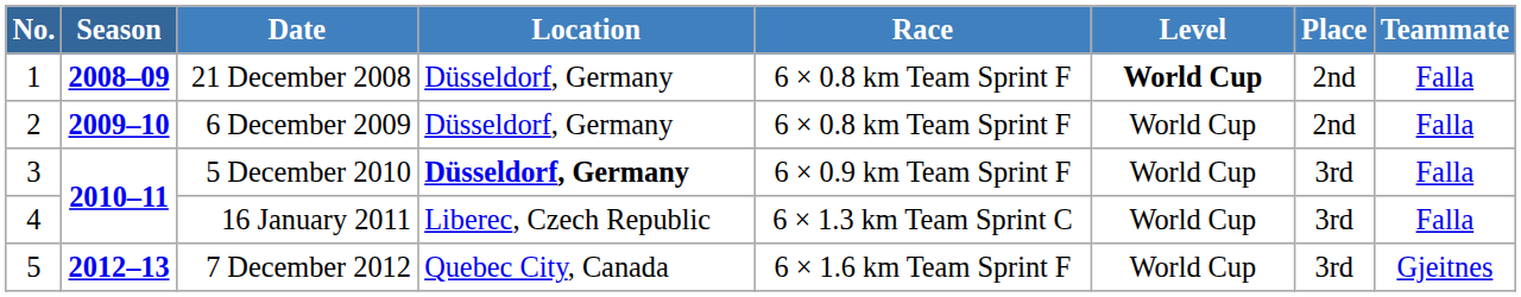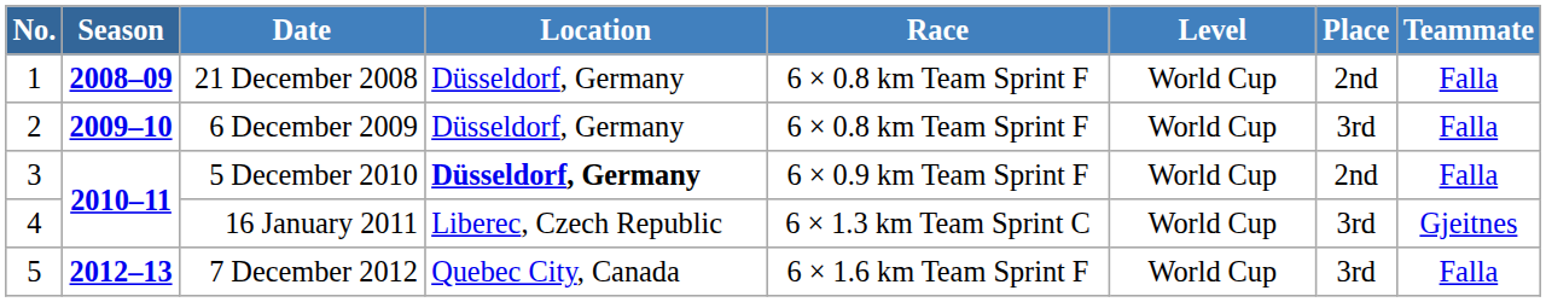 <table class="wikitable sortable" style="font-size:95%; text-align:center; border:grey solid 1px; border-collapse:collapse; background:#ffffff;">
 <tr style="background:#efefef;">
 <th style="background-color:#369; color:white;">No.</th>
 <th style="background-color:#369; color:white;">Season</th>
 <th style="background-color:#4180be; color:white; width:120px;">Date</th>
 <th style="background-color:#4180be; color:white; width:170px;">Location</th>
 <th style="background-color:#4180be; color:white; width:170px;">Race</th>
 <th style="background-color:#4180be; color:white; width:100px;">Level</th>
 <th style="background-color:#4180be; color:white;">Place</th>
 <th style="background-color:#4180be; color:white;">Teammate</th>
 </tr>
 <tr>
 <td align=center>1</td>
 <td align=center><strong><a href='#'>2008–09</a></strong></td>
 <td align=right>21 December 2008</td>
 <td align=left> <a href='#'>Düsseldorf</a>, Germany</td>
 <td>6 × 0.8 km Team Sprint F</td>
-<td><strong>World Cup</strong></td>
+<td>World Cup</td>
 <td>2nd</td>
 <td><a href='#'>Falla</a></td>
 </tr>
 <tr>
 <td align=center>2</td>
 <td align=center><strong><a href='#'>2009–10</a></strong></td>
 <td align=right>6 December 2009</td>
 <td align=left> <a href='#'>Düsseldorf</a>, Germany</td>
 <td>6 × 0.8 km Team Sprint F</td>
 <td>World Cup</td>
-<td>2nd</td>
+<td>3rd</td>
 <td><a href='#'>Falla</a></td>
 </tr>
 <tr>
 <td align=center>3</td>
 <td rowspan=2 align=center><strong><a href='#'>2010–11</a></strong></td>
 <td align=right>5 December 2010</td>
 <td align=left><strong> <a href='#'>Düsseldorf</a>, Germany</strong></td>
 <td>6 × 0.9 km Team Sprint F</td>
 <td>World Cup</td>
-<td>3rd</td>
+<td>2nd</td>
 <td><a href='#'>Falla</a></td>
 </tr>
 <tr>
 <td align=center>4</td>
 <td align=right>16 January 2011</td>
 <td align=left> <a href='#'>Liberec</a>, Czech Republic</td>
 <td>6 × 1.3 km Team Sprint C</td>
 <td>World Cup</td>
 <td>3rd</td>
-<td><a href='#'>Falla</a></td>
+<td><a href='#'>Gjeitnes</a></td>
 </tr>
 <tr>
 <td align=center>5</td>
 <td rowspan=1 align=center><strong><a href='#'>2012–13</a></strong></td>
 <td align=right>7 December 2012</td>
 <td align=left> <a href='#'>Quebec City</a>, Canada</td>
 <td>6 × 1.6 km Team Sprint F</td>
 <td>World Cup</td>
 <td>3rd</td>
-<td><a href='#'>Gjeitnes</a></td>
+<td><a href='#'>Falla</a></td>
 </tr>
 </table>
